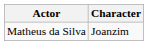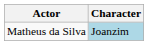 <table class="wikitable sortable">
 <tr>
 <th>Actor</th>
 <th>Character</th>
 </tr>
 <tr>
 <td>Matheus da Silva</td>
-<td>Joanzim</td>
+<td style="background: lightblue;">Joanzim</td>
 </tr>
 </table>
